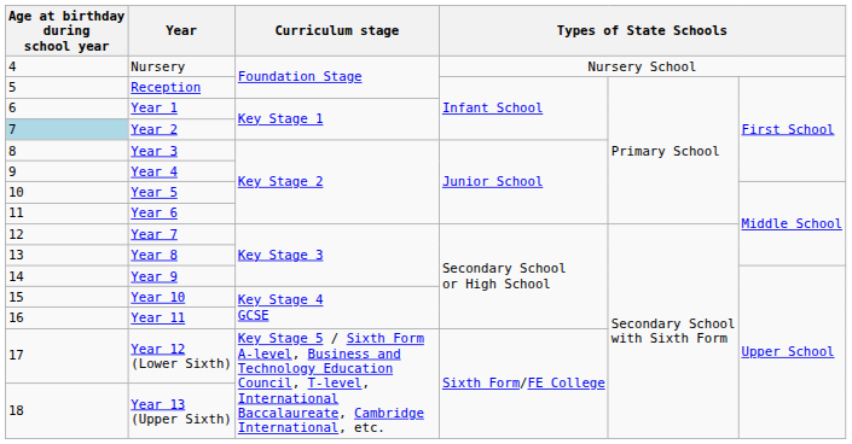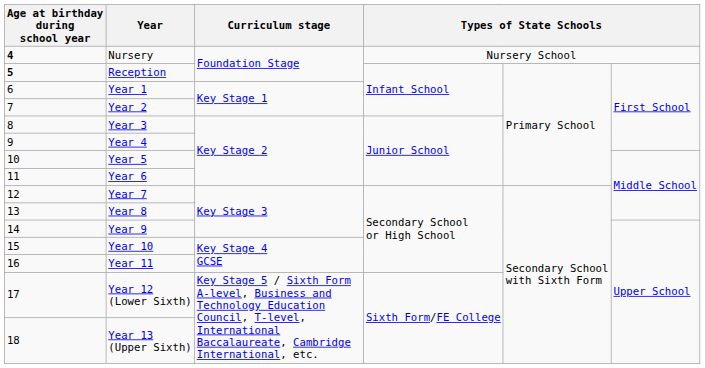 <table class="wikitable">
 <tr>
 <th>Age at birthday<br>during<br>school year</th>
 <th>Year</th>
 <th width=200>Curriculum stage</th>
 <th colspan="3">Types of State Schools</th>
 </tr>
 <tr>
-<td>4</td>
+<td><strong>4</strong></td>
 <td>Nursery</td>
 <td rowspan="2"><a href='#'>Foundation Stage</a></td>
 <td colspan="3" align="center">Nursery School</td>
 </tr>
 <tr>
-<td>5</td>
+<td><strong>5</strong></td>
 <td><a href='#'>Reception</a></td>
 <td rowspan="3"><a href='#'>Infant School</a></td>
 <td rowspan="7">Primary School</td>
 <td rowspan="5"><a href='#'>First School</a></td>
 </tr>
 <tr>
 <td>6</td>
 <td><a href='#'>Year 1</a></td>
 <td rowspan="2"><a href='#'>Key Stage 1</a></td>
 </tr>
 <tr>
-<td style="background: lightblue;">7</td>
+<td>7</td>
 <td><a href='#'>Year 2</a></td>
 </tr>
 <tr>
 <td>8</td>
 <td><a href='#'>Year 3</a></td>
 <td rowspan="4"><a href='#'>Key Stage 2</a></td>
 <td rowspan="4"><a href='#'>Junior School</a></td>
 </tr>
 <tr>
 <td>9</td>
 <td><a href='#'>Year 4</a></td>
 </tr>
 <tr>
 <td>10</td>
 <td><a href='#'>Year 5</a></td>
 <td rowspan="4"><a href='#'>Middle School</a></td>
 </tr>
 <tr>
 <td>11</td>
 <td><a href='#'>Year 6</a></td>
 </tr>
 <tr>
 <td>12</td>
 <td><a href='#'>Year 7</a></td>
 <td rowspan="3"><a href='#'>Key Stage 3</a></td>
 <td rowspan="5">Secondary School<br>or High School</td>
 <td rowspan="7">Secondary School<br>with Sixth Form</td>
 </tr>
 <tr>
 <td>13</td>
 <td><a href='#'>Year 8</a></td>
 </tr>
 <tr>
 <td>14</td>
 <td><a href='#'>Year 9</a></td>
 <td rowspan="5"><a href='#'>Upper School</a></td>
 </tr>
 <tr>
 <td>15</td>
 <td><a href='#'>Year 10</a></td>
 <td rowspan="2"><a href='#'>Key Stage 4</a><br><a href='#'>GCSE</a></td>
 </tr>
 <tr>
 <td>16</td>
 <td><a href='#'>Year 11</a></td>
 </tr>
 <tr>
 <td>17</td>
 <td><a href='#'>Year 12</a><br>(Lower Sixth)</td>
 <td rowspan="2"><a href='#'>Key Stage 5</a> / <a href='#'>Sixth Form</a><br><a href='#'>A-level</a>, <a href='#'>Business and Technology Education Council</a>, <a href='#'>T-level</a>, <a href='#'>International Baccalaureate</a>, <a href='#'>Cambridge International</a>, etc.</td>
 <td rowspan="2"><a href='#'>Sixth Form</a>/<a href='#'>FE College</a></td>
 </tr>
 <tr>
 <td>18</td>
 <td><a href='#'>Year 13</a><br>(Upper Sixth)</td>
 </tr>
 </table>
